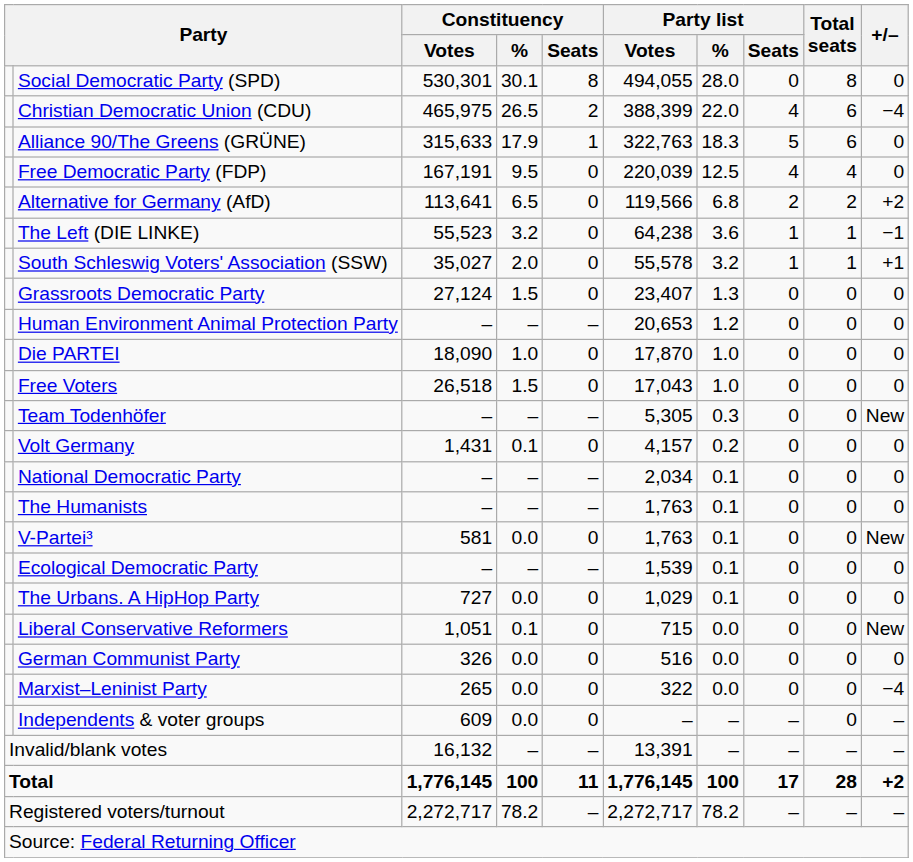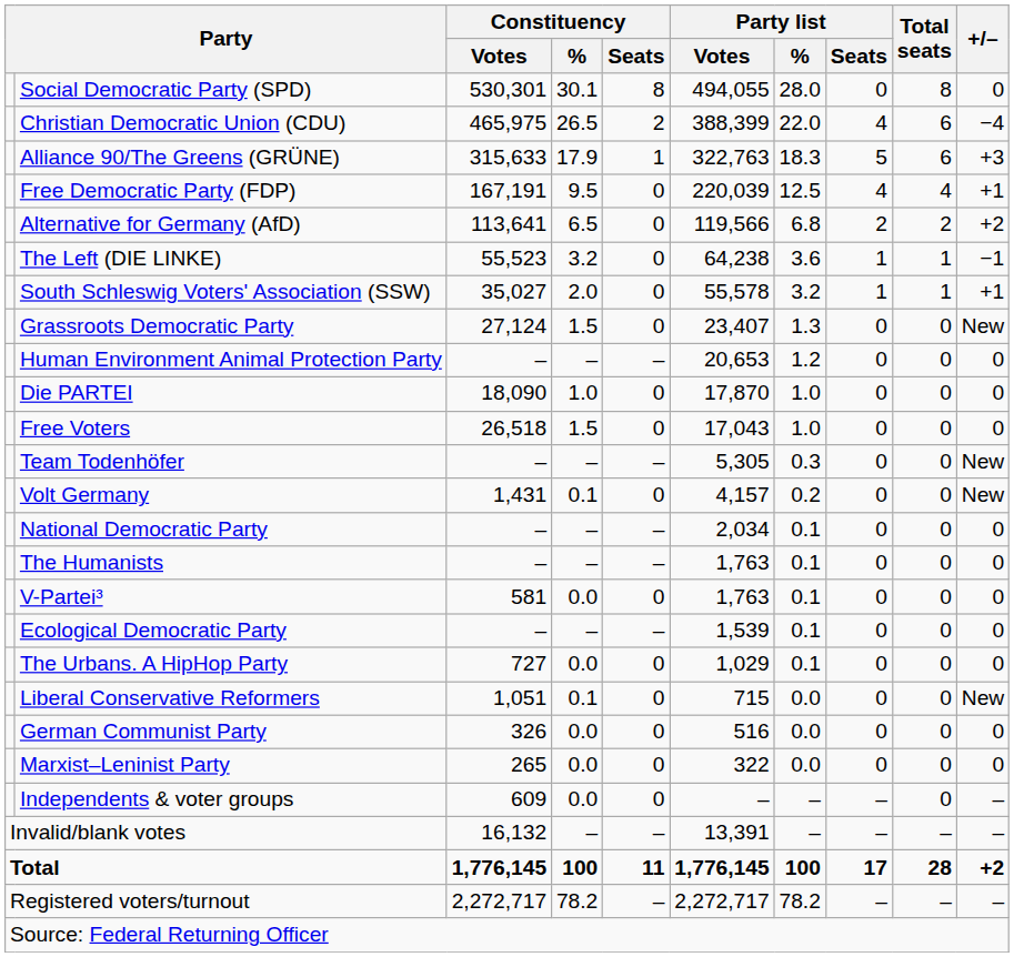 <table class="wikitable" style="text-align:right">
 <tr>
 <th colspan="2" rowspan="2">Party</th>
 <th colspan="3">Constituency</th>
 <th colspan="3">Party list</th>
 <th rowspan="2">Total<br>seats</th>
 <th rowspan="2">+/–</th>
 </tr>
 <tr>
 <th>Votes</th>
 <th>%</th>
 <th>Seats</th>
 <th>Votes</th>
 <th>%</th>
 <th>Seats</th>
 </tr>
 <tr>
 <td></td>
 <td align="left"><a href='#'>Social Democratic Party</a> (SPD)</td>
 <td>530,301</td>
 <td>30.1</td>
 <td>8</td>
 <td>494,055</td>
 <td>28.0</td>
 <td>0</td>
 <td>8</td>
 <td>0</td>
 </tr>
 <tr>
 <td></td>
 <td align="left"><a href='#'>Christian Democratic Union</a> (CDU)</td>
 <td>465,975</td>
 <td>26.5</td>
 <td>2</td>
 <td>388,399</td>
 <td>22.0</td>
 <td>4</td>
 <td>6</td>
 <td>−4</td>
 </tr>
 <tr>
 <td></td>
 <td align="left"><a href='#'>Alliance 90/The Greens</a> (GRÜNE)</td>
 <td>315,633</td>
 <td>17.9</td>
 <td>1</td>
 <td>322,763</td>
 <td>18.3</td>
 <td>5</td>
 <td>6</td>
-<td>0</td>
+<td>+3</td>
 </tr>
 <tr>
 <td></td>
 <td align="left"><a href='#'>Free Democratic Party</a> (FDP)</td>
 <td>167,191</td>
 <td>9.5</td>
 <td>0</td>
 <td>220,039</td>
 <td>12.5</td>
 <td>4</td>
 <td>4</td>
-<td>0</td>
+<td>+1</td>
 </tr>
 <tr>
 <td></td>
 <td align="left"><a href='#'>Alternative for Germany</a> (AfD)</td>
 <td>113,641</td>
 <td>6.5</td>
 <td>0</td>
 <td>119,566</td>
 <td>6.8</td>
 <td>2</td>
 <td>2</td>
 <td>+2</td>
 </tr>
 <tr>
 <td></td>
 <td align="left"><a href='#'>The Left</a> (DIE LINKE)</td>
 <td>55,523</td>
 <td>3.2</td>
 <td>0</td>
 <td>64,238</td>
 <td>3.6</td>
 <td>1</td>
 <td>1</td>
 <td>−1</td>
 </tr>
 <tr>
 <td style="background-color:"></td>
 <td align="left"><a href='#'>South Schleswig Voters' Association</a> (SSW)</td>
 <td>35,027</td>
 <td>2.0</td>
 <td>0</td>
 <td>55,578</td>
 <td>3.2</td>
 <td>1</td>
 <td>1</td>
 <td>+1</td>
 </tr>
 <tr>
 <td style="background-color:"></td>
 <td align="left"><a href='#'>Grassroots Democratic Party</a></td>
 <td>27,124</td>
 <td>1.5</td>
 <td>0</td>
 <td>23,407</td>
 <td>1.3</td>
 <td>0</td>
 <td>0</td>
-<td>0</td>
+<td>New</td>
 </tr>
 <tr>
 <td style="background-color:"></td>
 <td align="left"><a href='#'>Human Environment Animal Protection Party</a></td>
 <td>–</td>
 <td>–</td>
 <td>–</td>
 <td>20,653</td>
 <td>1.2</td>
 <td>0</td>
 <td>0</td>
 <td>0</td>
 </tr>
 <tr>
 <td style="background-color:"></td>
 <td align="left"><a href='#'>Die PARTEI</a></td>
 <td>18,090</td>
 <td>1.0</td>
 <td>0</td>
 <td>17,870</td>
 <td>1.0</td>
 <td>0</td>
 <td>0</td>
 <td>0</td>
 </tr>
 <tr>
 <td style="background-color:"></td>
 <td align="left"><a href='#'>Free Voters</a></td>
 <td>26,518</td>
 <td>1.5</td>
 <td>0</td>
 <td>17,043</td>
 <td>1.0</td>
 <td>0</td>
 <td>0</td>
 <td>0</td>
 </tr>
 <tr>
 <td style="background-color:"></td>
 <td align="left"><a href='#'>Team Todenhöfer</a></td>
 <td>–</td>
 <td>–</td>
 <td>–</td>
 <td>5,305</td>
 <td>0.3</td>
 <td>0</td>
 <td>0</td>
 <td>New</td>
 </tr>
 <tr>
 <td style="background-color:"></td>
 <td align="left"><a href='#'>Volt Germany</a></td>
 <td>1,431</td>
 <td>0.1</td>
 <td>0</td>
 <td>4,157</td>
 <td>0.2</td>
 <td>0</td>
 <td>0</td>
-<td>0</td>
+<td>New</td>
 </tr>
 <tr>
 <td style="background-color:"></td>
 <td align="left"><a href='#'>National Democratic Party</a></td>
 <td>–</td>
 <td>–</td>
 <td>–</td>
 <td>2,034</td>
 <td>0.1</td>
 <td>0</td>
 <td>0</td>
 <td>0</td>
 </tr>
 <tr>
 <td style="background-color:"></td>
 <td align="left"><a href='#'>The Humanists</a></td>
 <td>–</td>
 <td>–</td>
 <td>–</td>
 <td>1,763</td>
 <td>0.1</td>
 <td>0</td>
 <td>0</td>
 <td>0</td>
 </tr>
 <tr>
 <td style="background-color:"></td>
 <td align="left"><a href='#'>V-Partei³</a></td>
 <td>581</td>
 <td>0.0</td>
 <td>0</td>
 <td>1,763</td>
 <td>0.1</td>
 <td>0</td>
 <td>0</td>
-<td>New</td>
+<td>0</td>
 </tr>
 <tr>
 <td style="background-color:"></td>
 <td align="left"><a href='#'>Ecological Democratic Party</a></td>
 <td>–</td>
 <td>–</td>
 <td>–</td>
 <td>1,539</td>
 <td>0.1</td>
 <td>0</td>
 <td>0</td>
 <td>0</td>
 </tr>
 <tr>
 <td style="background-color:"></td>
 <td align="left"><a href='#'>The Urbans. A HipHop Party</a></td>
 <td>727</td>
 <td>0.0</td>
 <td>0</td>
 <td>1,029</td>
 <td>0.1</td>
 <td>0</td>
 <td>0</td>
 <td>0</td>
 </tr>
 <tr>
 <td style="background-color:"></td>
 <td align="left"><a href='#'>Liberal Conservative Reformers</a></td>
 <td>1,051</td>
 <td>0.1</td>
 <td>0</td>
 <td>715</td>
 <td>0.0</td>
 <td>0</td>
 <td>0</td>
 <td>New</td>
 </tr>
 <tr>
 <td style="background-color:"></td>
 <td align="left"><a href='#'>German Communist Party</a></td>
 <td>326</td>
 <td>0.0</td>
 <td>0</td>
 <td>516</td>
 <td>0.0</td>
 <td>0</td>
 <td>0</td>
 <td>0</td>
 </tr>
 <tr>
 <td style="background-color:"></td>
 <td align="left"><a href='#'>Marxist–Leninist Party</a></td>
 <td>265</td>
 <td>0.0</td>
 <td>0</td>
 <td>322</td>
 <td>0.0</td>
 <td>0</td>
 <td>0</td>
-<td>−4</td>
+<td>0</td>
 </tr>
 <tr>
 <td style="background-color:"></td>
 <td align="left"><a href='#'>Independents</a> & voter groups</td>
 <td>609</td>
 <td>0.0</td>
 <td>0</td>
 <td>–</td>
 <td>–</td>
 <td>–</td>
 <td>0</td>
 <td>–</td>
 </tr>
 <tr>
 <td colspan="2" align="left">Invalid/blank votes</td>
 <td>16,132</td>
 <td>–</td>
 <td>–</td>
 <td>13,391</td>
 <td>–</td>
 <td>–</td>
 <td>–</td>
 <td>–</td>
 </tr>
 <tr>
 <td colspan="2" align="left"><strong>Total</strong></td>
 <td><strong>1,776,145</strong></td>
 <td><strong>100</strong></td>
 <td><strong>11</strong></td>
 <td><strong>1,776,145</strong></td>
 <td><strong>100</strong></td>
 <td><strong>17</strong></td>
 <td><strong>28</strong></td>
 <td><strong>+2</strong></td>
 </tr>
 <tr>
 <td colspan="2" align="left">Registered voters/turnout</td>
 <td>2,272,717</td>
 <td>78.2</td>
 <td>–</td>
 <td>2,272,717</td>
 <td>78.2</td>
 <td>–</td>
 <td>–</td>
 <td>–</td>
 </tr>
 <tr>
 <td colspan="10" align="left">Source: <a href='#'>Federal Returning Officer</a></td>
 </tr>
 </table>
